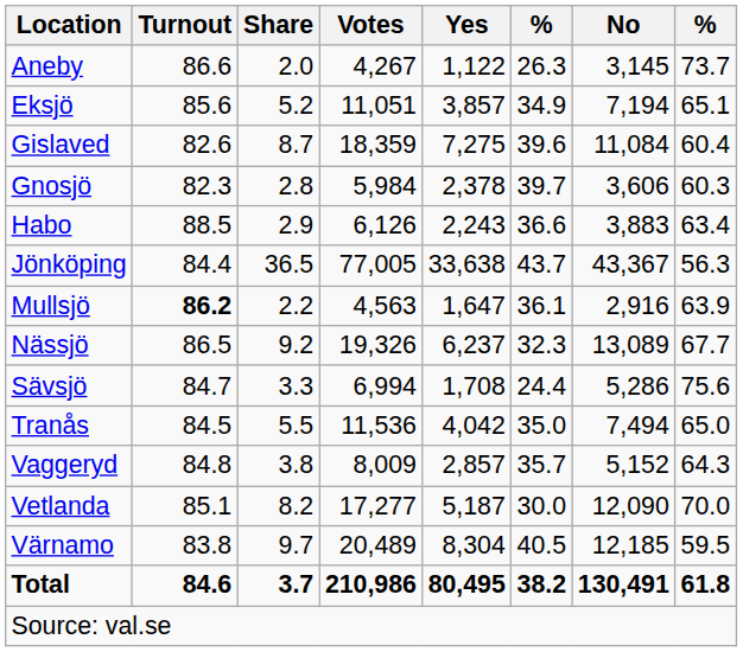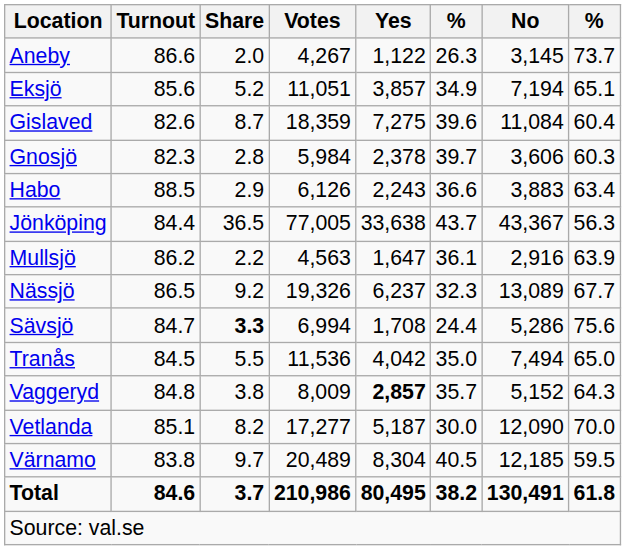 <table class="wikitable sortable" style=text-align:right>
 <tr>
 <th>Location</th>
 <th>Turnout</th>
 <th>Share</th>
 <th>Votes</th>
 <th>Yes</th>
 <th>%</th>
 <th>No</th>
 <th>%</th>
 </tr>
 <tr>
 <td align=left><a href='#'>Aneby</a></td>
 <td>86.6</td>
 <td>2.0</td>
 <td>4,267</td>
 <td>1,122</td>
 <td>26.3</td>
 <td>3,145</td>
 <td>73.7</td>
 </tr>
 <tr>
 <td align=left><a href='#'>Eksjö</a></td>
 <td>85.6</td>
 <td>5.2</td>
 <td>11,051</td>
 <td>3,857</td>
 <td>34.9</td>
 <td>7,194</td>
 <td>65.1</td>
 </tr>
 <tr>
 <td align=left><a href='#'>Gislaved</a></td>
 <td>82.6</td>
 <td>8.7</td>
 <td>18,359</td>
 <td>7,275</td>
 <td>39.6</td>
 <td>11,084</td>
 <td>60.4</td>
 </tr>
 <tr>
 <td align=left><a href='#'>Gnosjö</a></td>
 <td>82.3</td>
 <td>2.8</td>
 <td>5,984</td>
 <td>2,378</td>
 <td>39.7</td>
 <td>3,606</td>
 <td>60.3</td>
 </tr>
 <tr>
 <td align=left><a href='#'>Habo</a></td>
 <td>88.5</td>
 <td>2.9</td>
 <td>6,126</td>
 <td>2,243</td>
 <td>36.6</td>
 <td>3,883</td>
 <td>63.4</td>
 </tr>
 <tr>
 <td align=left><a href='#'>Jönköping</a></td>
 <td>84.4</td>
 <td>36.5</td>
 <td>77,005</td>
 <td>33,638</td>
 <td>43.7</td>
 <td>43,367</td>
 <td>56.3</td>
 </tr>
 <tr>
 <td align=left><a href='#'>Mullsjö</a></td>
-<td><strong>86.2</strong></td>
+<td>86.2</td>
 <td>2.2</td>
 <td>4,563</td>
 <td>1,647</td>
 <td>36.1</td>
 <td>2,916</td>
 <td>63.9</td>
 </tr>
 <tr>
 <td align=left><a href='#'>Nässjö</a></td>
 <td>86.5</td>
 <td>9.2</td>
 <td>19,326</td>
 <td>6,237</td>
 <td>32.3</td>
 <td>13,089</td>
 <td>67.7</td>
 </tr>
 <tr>
 <td align=left><a href='#'>Sävsjö</a></td>
 <td>84.7</td>
-<td>3.3</td>
+<td><strong>3.3</strong></td>
 <td>6,994</td>
 <td>1,708</td>
 <td>24.4</td>
 <td>5,286</td>
 <td>75.6</td>
 </tr>
 <tr>
 <td align=left><a href='#'>Tranås</a></td>
 <td>84.5</td>
 <td>5.5</td>
 <td>11,536</td>
 <td>4,042</td>
 <td>35.0</td>
 <td>7,494</td>
 <td>65.0</td>
 </tr>
 <tr>
 <td align=left><a href='#'>Vaggeryd</a></td>
 <td>84.8</td>
 <td>3.8</td>
 <td>8,009</td>
-<td>2,857</td>
+<td><strong>2,857</strong></td>
 <td>35.7</td>
 <td>5,152</td>
 <td>64.3</td>
 </tr>
 <tr>
 <td align=left><a href='#'>Vetlanda</a></td>
 <td>85.1</td>
 <td>8.2</td>
 <td>17,277</td>
 <td>5,187</td>
 <td>30.0</td>
 <td>12,090</td>
 <td>70.0</td>
 </tr>
 <tr>
 <td align=left><a href='#'>Värnamo</a></td>
 <td>83.8</td>
 <td>9.7</td>
 <td>20,489</td>
 <td>8,304</td>
 <td>40.5</td>
 <td>12,185</td>
 <td>59.5</td>
 </tr>
 <tr>
 <td align=left><strong>Total</strong></td>
 <td><strong>84.6</strong></td>
 <td><strong>3.7</strong></td>
 <td><strong>210,986</strong></td>
 <td><strong>80,495</strong></td>
 <td><strong>38.2</strong></td>
 <td><strong>130,491</strong></td>
 <td><strong>61.8</strong></td>
 </tr>
 <tr>
 <td align=left colspan=8>Source: val.se </td>
 </tr>
 </table>
